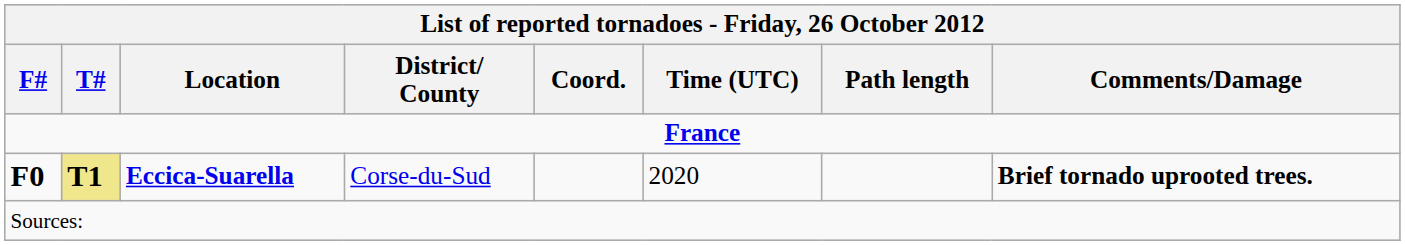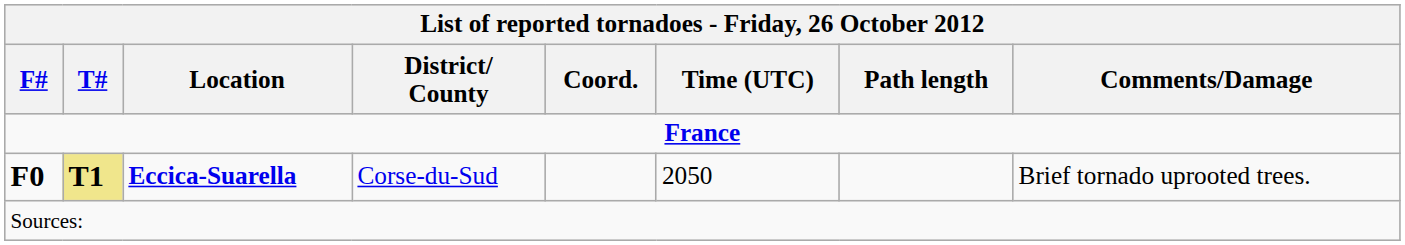 <table class="wikitable collapsible" width="100%">
 <tr>
 <th colspan="8">List of reported tornadoes - Friday, 26 October 2012</th>
 </tr>
 <tr>
 <th><a href='#'>F#</a></th>
 <th><a href='#'>T#</a></th>
 <th>Location</th>
 <th>District/<br>County</th>
 <th>Coord.</th>
 <th>Time (UTC)</th>
 <th>Path length</th>
 <th>Comments/Damage</th>
 </tr>
 <tr>
 <td colspan="8" align=center><strong><a href='#'>France</a></strong></td>
 </tr>
 <tr>
 <td><big><strong>F0</strong></big></td>
 <td style="background: khaki;"><big><strong>T1</strong></big></td>
 <td><strong><a href='#'>Eccica-Suarella</a></strong></td>
 <td><a href='#'>Corse-du-Sud</a></td>
 <td></td>
-<td>2020</td>
+<td>2050</td>
 <td></td>
-<td><strong>Brief tornado uprooted trees.</strong></td>
+<td>Brief tornado uprooted trees.</td>
 </tr>
 <tr>
 <td colspan="8"><small>Sources:  </small></td>
 </tr>
 </table>
